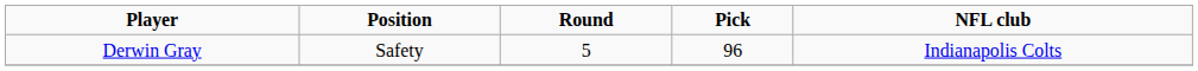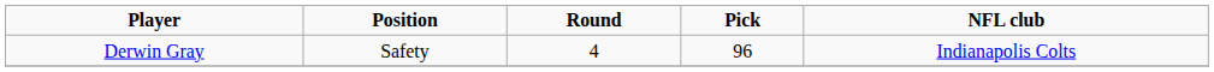 <table class="wikitable" width="80%">
 <tr align="center">
 <td><strong>Player</strong></td>
 <td><strong>Position</strong></td>
 <td><strong>Round</strong></td>
 <td><strong>Pick</strong></td>
 <td><strong>NFL club</strong></td>
 </tr>
 <tr align="center" bgcolor="">
 <td><a href='#'>Derwin Gray</a></td>
 <td>Safety</td>
-<td>5</td>
+<td>4</td>
 <td>96</td>
 <td><a href='#'>Indianapolis Colts</a></td>
 </tr>
 <tr align="center" bgcolor="">
 </tr>
 </table>
